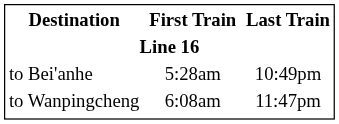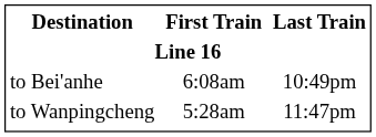 <table style="text-align:centre; font-size:95%; border:1px solid black">
 <tr>
 <th>Destination</th>
 <th></th>
 <th>First Train</th>
 <th></th>
 <th>Last Train</th>
 </tr>
 <tr>
 <th colspan="7" style="background-color:#">Line 16</th>
 </tr>
 <tr>
 <td>to Bei'anhe</td>
 <td></td>
-<td style="text-align:center">5:28am</td>
+<td style="text-align:center">6:08am</td>
 <td></td>
 <td style="text-align:center">10:49pm</td>
 </tr>
 <tr>
 <td>to Wanpingcheng</td>
 <td></td>
-<td style="text-align:center">6:08am</td>
+<td style="text-align:center">5:28am</td>
 <td></td>
 <td style="text-align:center">11:47pm</td>
 </tr>
 <tr>
 </tr>
 </table>
